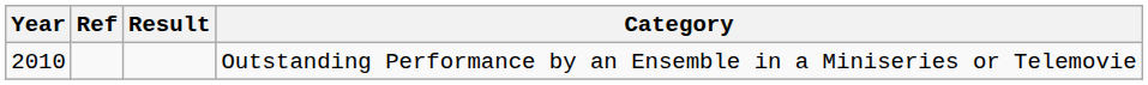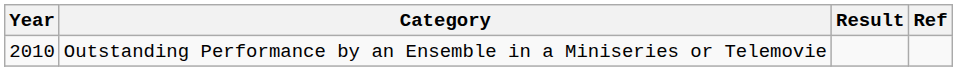 <table class="wikitable" style="table-layout: fixed; margin-right:0">
 <tr>
 <th scope="col">Year</th>
+<th scope="col">Category</th>
+<th scope="col">Result</th>
 <th scope="col">Ref</th>
-<th scope="col">Result</th>
-<th scope="col">Category</th>
 </tr>
 <tr>
 <td>2010</td>
+<td>Outstanding Performance by an Ensemble in a Miniseries or Telemovie</td>
 <td></td>
 <td></td>
-<td>Outstanding Performance by an Ensemble in a Miniseries or Telemovie</td>
 </tr>
 </table>
